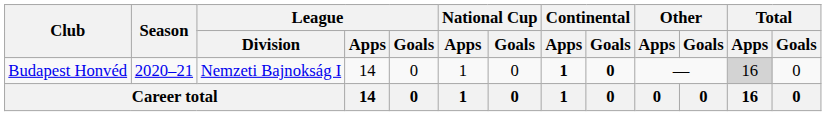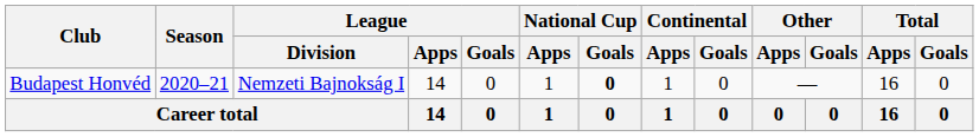 <table class="wikitable" style="text-align:center">
 <tr>
 <th rowspan="2">Club</th>
 <th rowspan="2">Season</th>
 <th colspan="3">League</th>
 <th colspan="2">National Cup</th>
 <th colspan="2">Continental</th>
 <th colspan="2">Other</th>
 <th colspan="2">Total</th>
 </tr>
 <tr>
 <th>Division</th>
 <th>Apps</th>
 <th>Goals</th>
 <th>Apps</th>
 <th>Goals</th>
 <th>Apps</th>
 <th>Goals</th>
 <th>Apps</th>
 <th>Goals</th>
 <th>Apps</th>
 <th>Goals</th>
 </tr>
 <tr>
 <td><a href='#'>Budapest Honvéd</a></td>
 <td><a href='#'>2020–21</a></td>
 <td><a href='#'>Nemzeti Bajnokság I</a></td>
 <td>14</td>
 <td>0</td>
 <td>1</td>
+<td><strong>0</strong></td>
+<td>1</td>
 <td>0</td>
-<td><strong>1</strong></td>
-<td><strong>0</strong></td>
 <td colspan="2">—</td>
-<td style="background: lightgrey;">16</td>
+<td>16</td>
 <td>0</td>
 </tr>
 <tr>
 <th colspan="3">Career total</th>
 <th>14</th>
 <th>0</th>
 <th>1</th>
 <th>0</th>
 <th>1</th>
 <th>0</th>
 <th>0</th>
 <th>0</th>
 <th>16</th>
 <th>0</th>
 </tr>
 </table>
